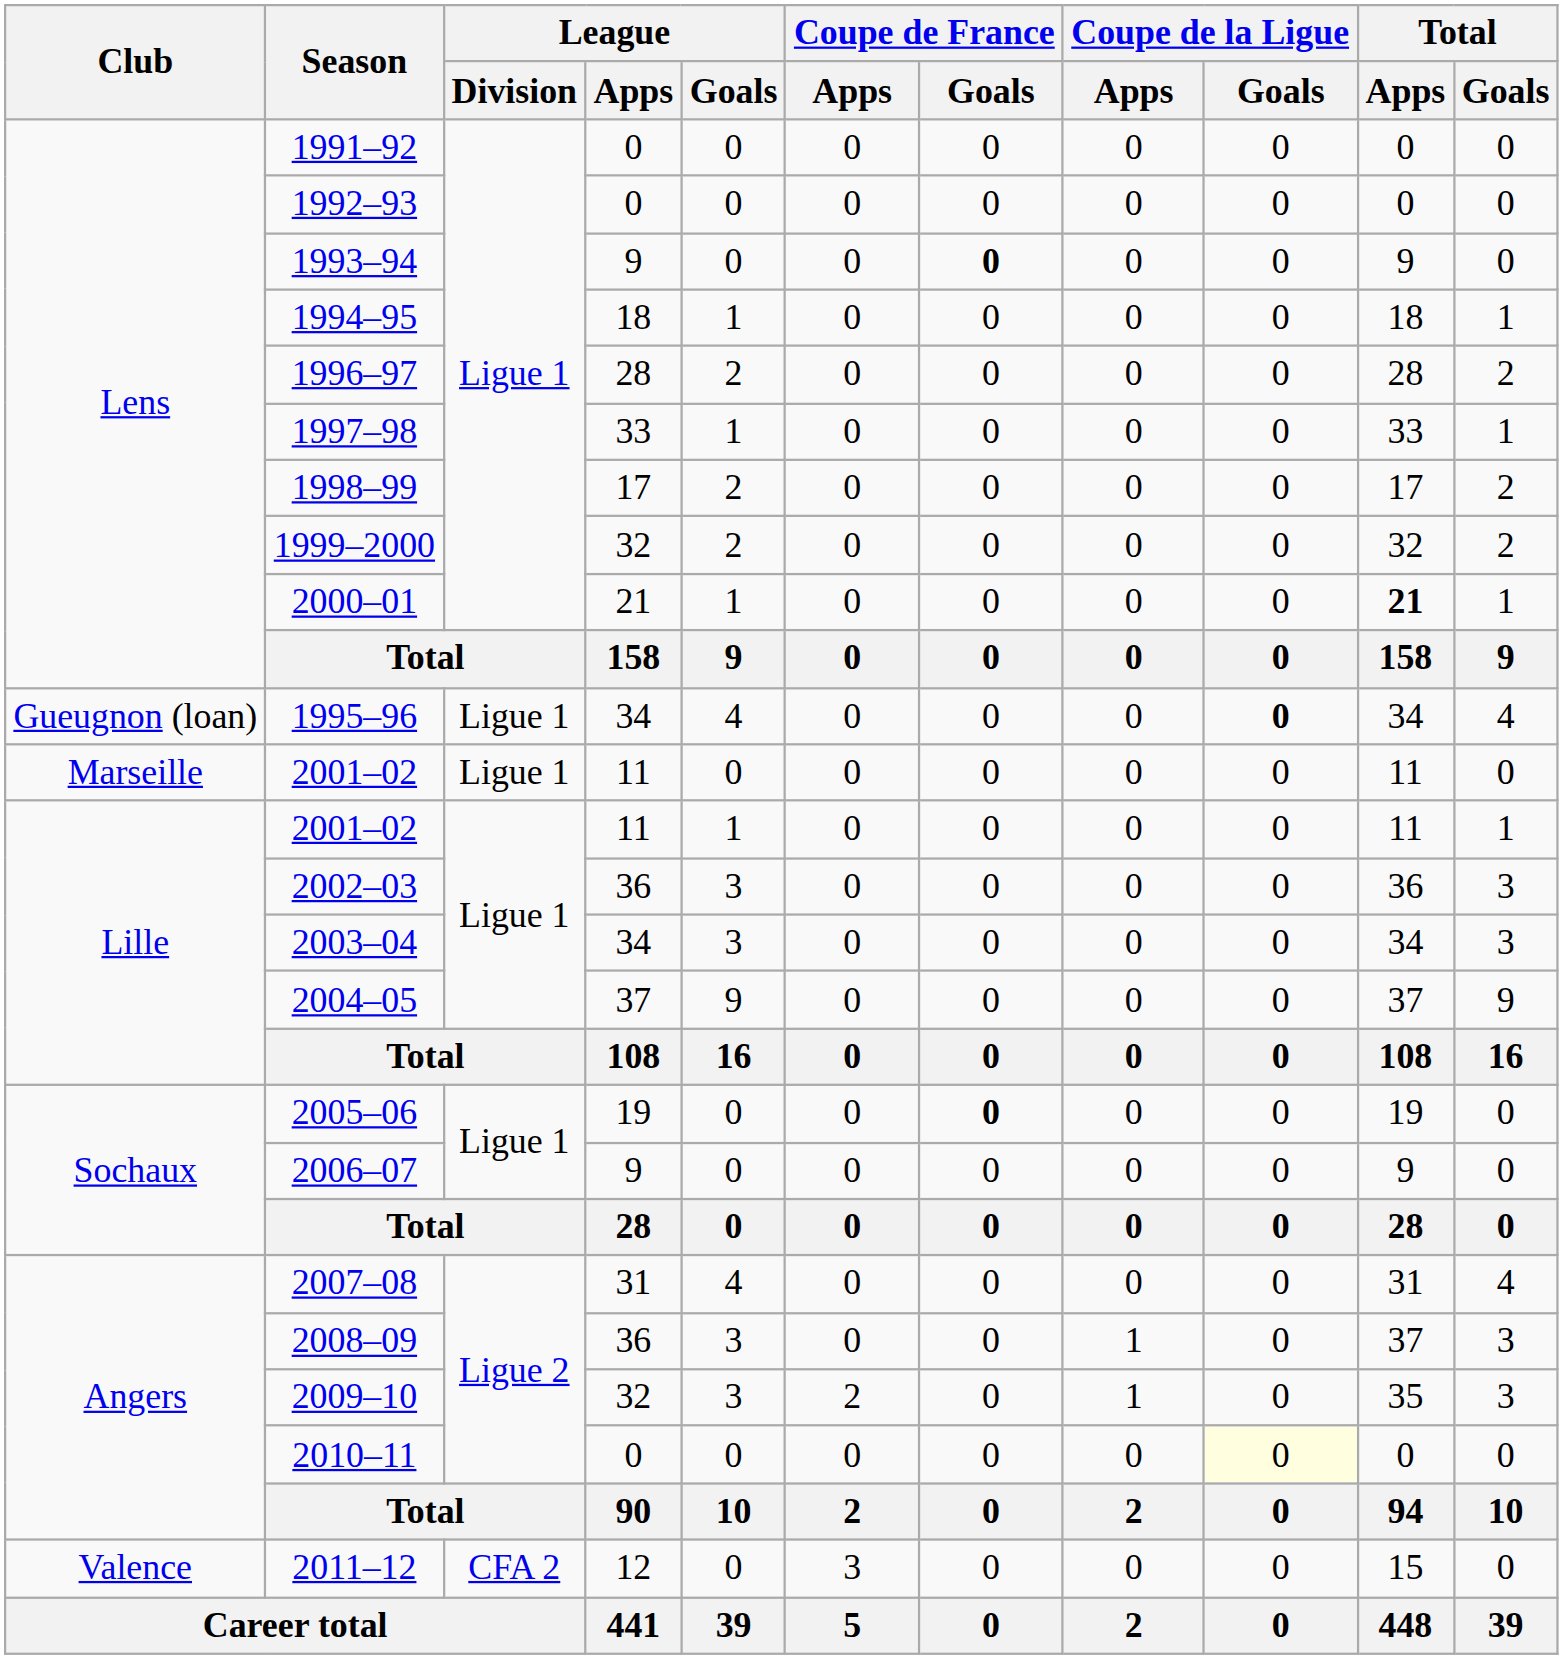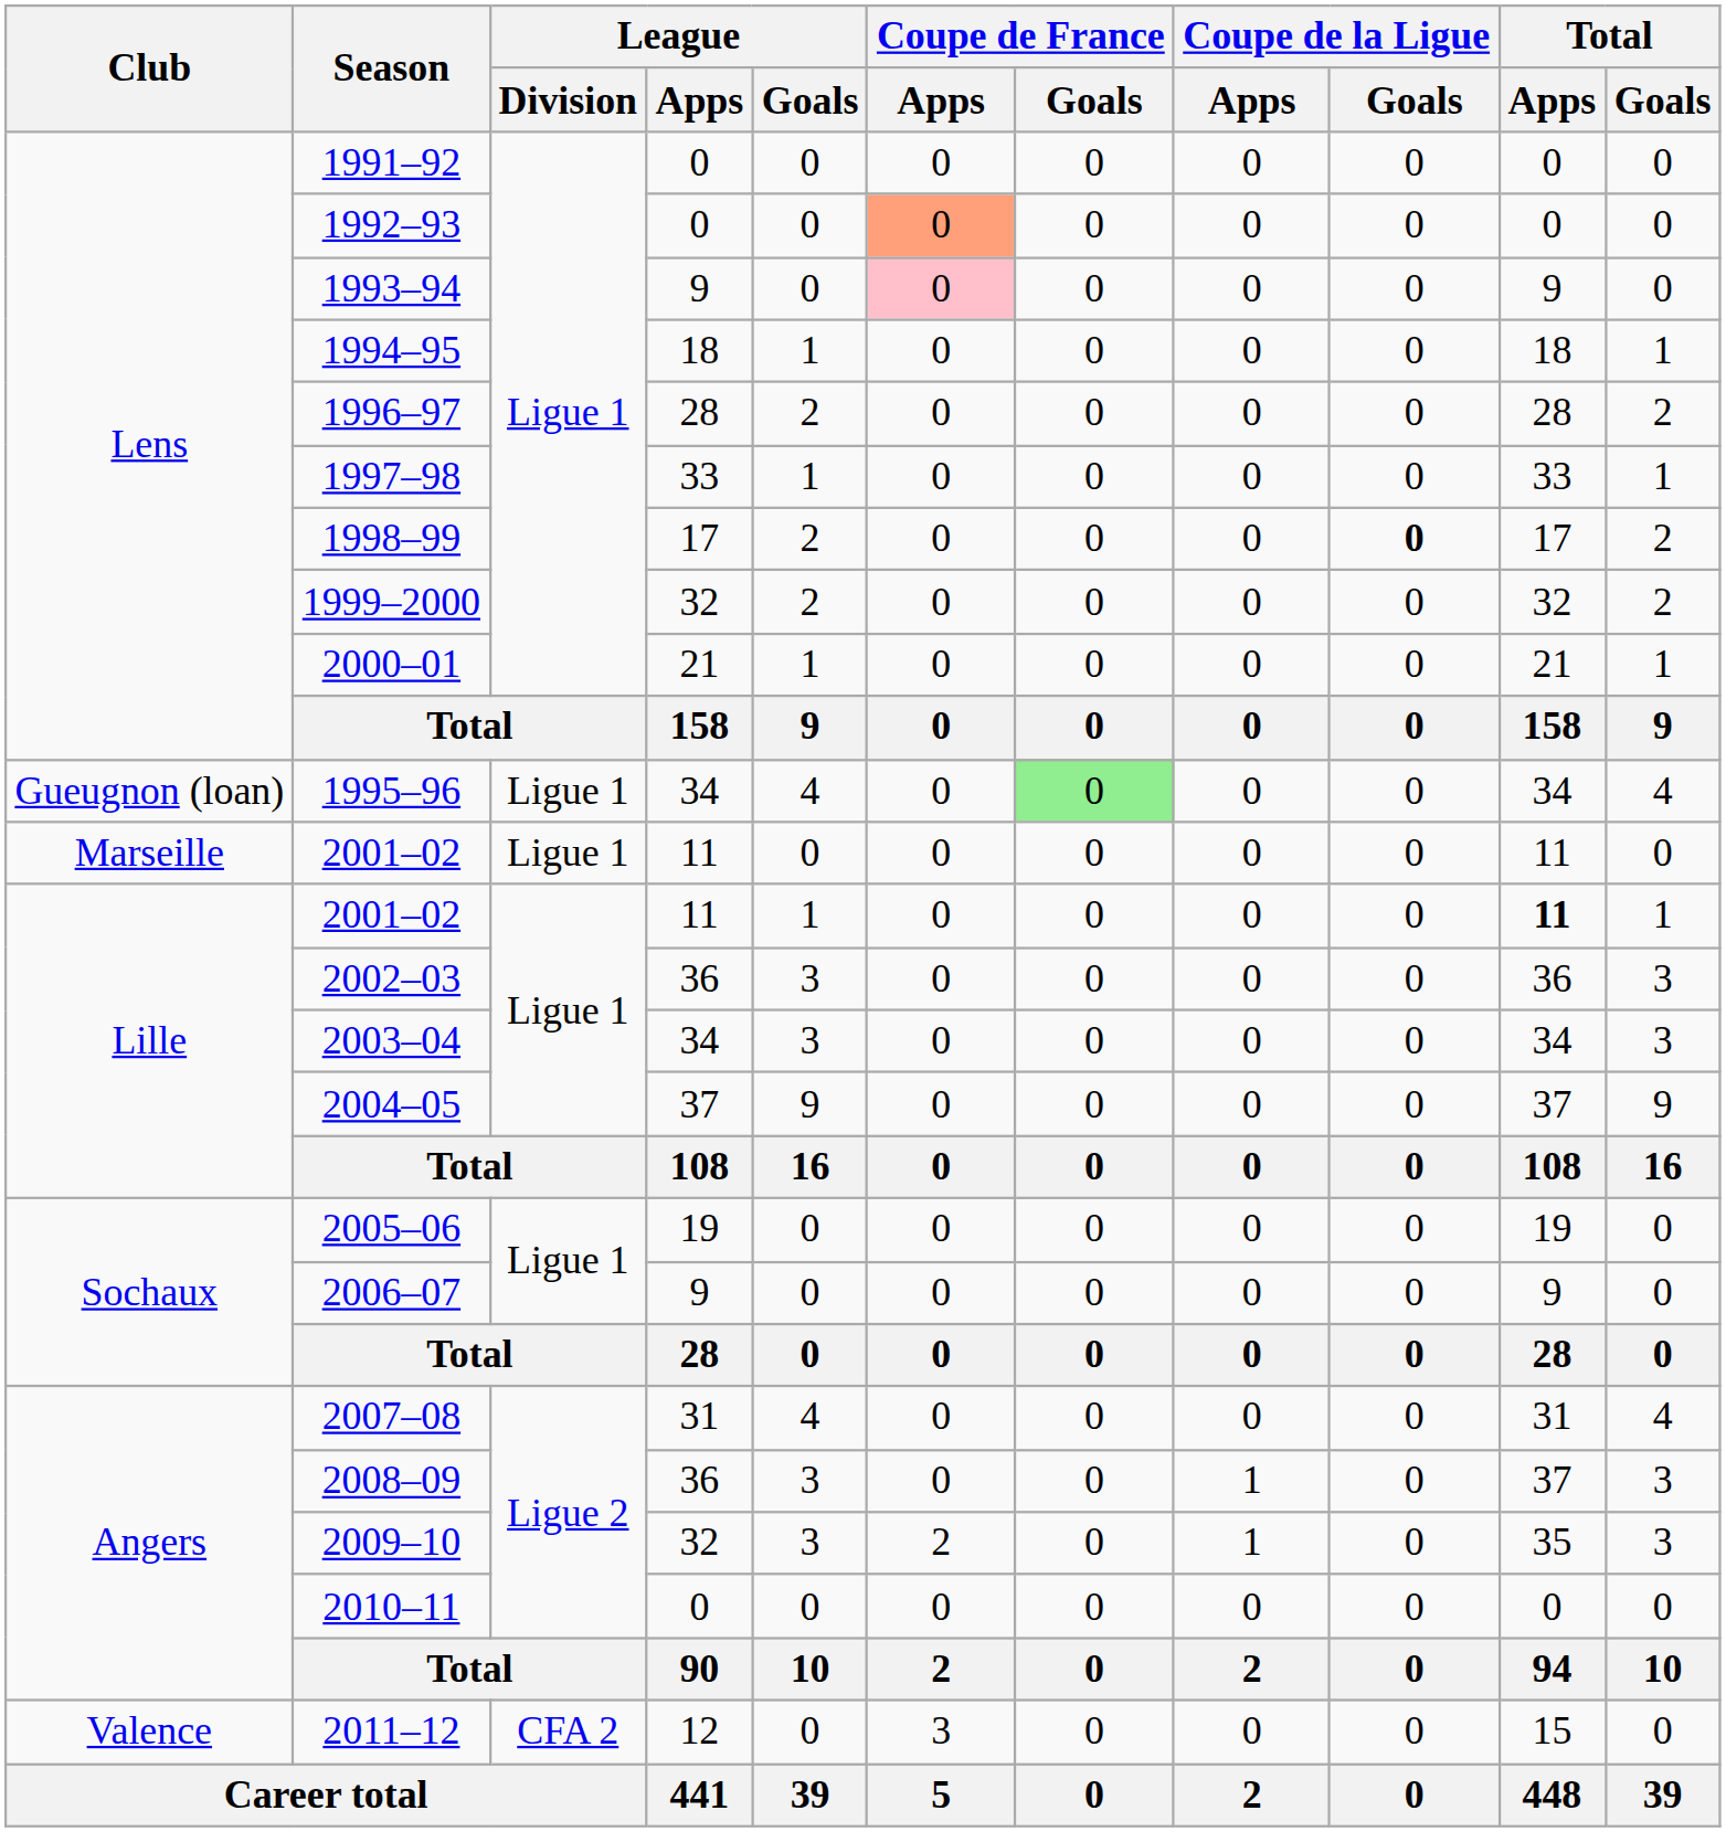 <table class="wikitable" style="text-align:center">
 <tr>
 <th rowspan="2">Club</th>
 <th rowspan="2">Season</th>
 <th colspan="3">League</th>
 <th colspan="2"><a href='#'>Coupe de France</a></th>
 <th colspan="2"><a href='#'>Coupe de la Ligue</a></th>
 <th colspan="2">Total</th>
 </tr>
 <tr>
 <th>Division</th>
 <th>Apps</th>
 <th>Goals</th>
 <th>Apps</th>
 <th>Goals</th>
 <th>Apps</th>
 <th>Goals</th>
 <th>Apps</th>
 <th>Goals</th>
 </tr>
 <tr>
 <td rowspan="10"><a href='#'>Lens</a></td>
 <td><a href='#'>1991–92</a></td>
 <td rowspan="9"><a href='#'>Ligue 1</a></td>
 <td>0</td>
 <td>0</td>
 <td>0</td>
 <td>0</td>
 <td>0</td>
 <td>0</td>
 <td>0</td>
 <td>0</td>
 </tr>
 <tr>
 <td><a href='#'>1992–93</a></td>
 <td>0</td>
 <td>0</td>
-<td>0</td>
+<td style="background: lightsalmon;">0</td>
 <td>0</td>
 <td>0</td>
 <td>0</td>
 <td>0</td>
 <td>0</td>
 </tr>
 <tr>
 <td><a href='#'>1993–94</a></td>
 <td>9</td>
 <td>0</td>
+<td style="background: pink;">0</td>
 <td>0</td>
-<td><strong>0</strong></td>
 <td>0</td>
 <td>0</td>
 <td>9</td>
 <td>0</td>
 </tr>
 <tr>
 <td><a href='#'>1994–95</a></td>
 <td>18</td>
 <td>1</td>
 <td>0</td>
 <td>0</td>
 <td>0</td>
 <td>0</td>
 <td>18</td>
 <td>1</td>
 </tr>
 <tr>
 <td><a href='#'>1996–97</a></td>
 <td>28</td>
 <td>2</td>
 <td>0</td>
 <td>0</td>
 <td>0</td>
 <td>0</td>
 <td>28</td>
 <td>2</td>
 </tr>
 <tr>
 <td><a href='#'>1997–98</a></td>
 <td>33</td>
 <td>1</td>
 <td>0</td>
 <td>0</td>
 <td>0</td>
 <td>0</td>
 <td>33</td>
 <td>1</td>
 </tr>
 <tr>
 <td><a href='#'>1998–99</a></td>
 <td>17</td>
 <td>2</td>
 <td>0</td>
 <td>0</td>
 <td>0</td>
-<td>0</td>
+<td><strong>0</strong></td>
 <td>17</td>
 <td>2</td>
 </tr>
 <tr>
 <td><a href='#'>1999–2000</a></td>
 <td>32</td>
 <td>2</td>
 <td>0</td>
 <td>0</td>
 <td>0</td>
 <td>0</td>
 <td>32</td>
 <td>2</td>
 </tr>
 <tr>
 <td><a href='#'>2000–01</a></td>
 <td>21</td>
 <td>1</td>
 <td>0</td>
 <td>0</td>
 <td>0</td>
 <td>0</td>
-<td><strong>21</strong></td>
+<td>21</td>
 <td>1</td>
 </tr>
 <tr>
 <th colspan="2">Total</th>
 <th>158</th>
 <th>9</th>
 <th>0</th>
 <th>0</th>
 <th>0</th>
 <th>0</th>
 <th>158</th>
 <th>9</th>
 </tr>
 <tr>
 <td><a href='#'>Gueugnon</a> (loan)</td>
 <td><a href='#'>1995–96</a></td>
 <td>Ligue 1</td>
 <td>34</td>
 <td>4</td>
 <td>0</td>
+<td style="background: lightgreen;">0</td>
 <td>0</td>
 <td>0</td>
-<td><strong>0</strong></td>
 <td>34</td>
 <td>4</td>
 </tr>
 <tr>
 <td><a href='#'>Marseille</a></td>
 <td><a href='#'>2001–02</a></td>
 <td>Ligue 1</td>
 <td>11</td>
 <td>0</td>
 <td>0</td>
 <td>0</td>
 <td>0</td>
 <td>0</td>
 <td>11</td>
 <td>0</td>
 </tr>
 <tr>
 <td rowspan="5"><a href='#'>Lille</a></td>
 <td><a href='#'>2001–02</a></td>
 <td rowspan="4">Ligue 1</td>
 <td>11</td>
 <td>1</td>
 <td>0</td>
 <td>0</td>
 <td>0</td>
 <td>0</td>
-<td>11</td>
+<td><strong>11</strong></td>
 <td>1</td>
 </tr>
 <tr>
 <td><a href='#'>2002–03</a></td>
 <td>36</td>
 <td>3</td>
 <td>0</td>
 <td>0</td>
 <td>0</td>
 <td>0</td>
 <td>36</td>
 <td>3</td>
 </tr>
 <tr>
 <td><a href='#'>2003–04</a></td>
 <td>34</td>
 <td>3</td>
 <td>0</td>
 <td>0</td>
 <td>0</td>
 <td>0</td>
 <td>34</td>
 <td>3</td>
 </tr>
 <tr>
 <td><a href='#'>2004–05</a></td>
 <td>37</td>
 <td>9</td>
 <td>0</td>
 <td>0</td>
 <td>0</td>
 <td>0</td>
 <td>37</td>
 <td>9</td>
 </tr>
 <tr>
 <th colspan="2">Total</th>
 <th>108</th>
 <th>16</th>
 <th>0</th>
 <th>0</th>
 <th>0</th>
 <th>0</th>
 <th>108</th>
 <th>16</th>
 </tr>
 <tr>
 <td rowspan="3"><a href='#'>Sochaux</a></td>
 <td><a href='#'>2005–06</a></td>
 <td rowspan="2">Ligue 1</td>
 <td>19</td>
 <td>0</td>
 <td>0</td>
-<td><strong>0</strong></td>
+<td>0</td>
 <td>0</td>
 <td>0</td>
 <td>19</td>
 <td>0</td>
 </tr>
 <tr>
 <td><a href='#'>2006–07</a></td>
 <td>9</td>
 <td>0</td>
 <td>0</td>
 <td>0</td>
 <td>0</td>
 <td>0</td>
 <td>9</td>
 <td>0</td>
 </tr>
 <tr>
 <th colspan="2">Total</th>
 <th>28</th>
 <th>0</th>
 <th>0</th>
 <th>0</th>
 <th>0</th>
 <th>0</th>
 <th>28</th>
 <th>0</th>
 </tr>
 <tr>
 <td rowspan="5"><a href='#'>Angers</a></td>
 <td><a href='#'>2007–08</a></td>
 <td rowspan="4"><a href='#'>Ligue 2</a></td>
 <td>31</td>
 <td>4</td>
 <td>0</td>
 <td>0</td>
 <td>0</td>
 <td>0</td>
 <td>31</td>
 <td>4</td>
 </tr>
 <tr>
 <td><a href='#'>2008–09</a></td>
 <td>36</td>
 <td>3</td>
 <td>0</td>
 <td>0</td>
 <td>1</td>
 <td>0</td>
 <td>37</td>
 <td>3</td>
 </tr>
 <tr>
 <td><a href='#'>2009–10</a></td>
 <td>32</td>
 <td>3</td>
 <td>2</td>
 <td>0</td>
 <td>1</td>
 <td>0</td>
 <td>35</td>
 <td>3</td>
 </tr>
 <tr>
 <td><a href='#'>2010–11</a></td>
 <td>0</td>
 <td>0</td>
 <td>0</td>
 <td>0</td>
 <td>0</td>
-<td style="background: lightyellow;">0</td>
+<td>0</td>
 <td>0</td>
 <td>0</td>
 </tr>
 <tr>
 <th colspan="2">Total</th>
 <th>90</th>
 <th>10</th>
 <th>2</th>
 <th>0</th>
 <th>2</th>
 <th>0</th>
 <th>94</th>
 <th>10</th>
 </tr>
 <tr>
 <td><a href='#'>Valence</a></td>
 <td><a href='#'>2011–12</a></td>
 <td><a href='#'>CFA 2</a></td>
 <td>12</td>
 <td>0</td>
 <td>3</td>
 <td>0</td>
 <td>0</td>
 <td>0</td>
 <td>15</td>
 <td>0</td>
 </tr>
 <tr>
 <th colspan="3">Career total</th>
 <th>441</th>
 <th>39</th>
 <th>5</th>
 <th>0</th>
 <th>2</th>
 <th>0</th>
 <th>448</th>
 <th>39</th>
 </tr>
 </table>
